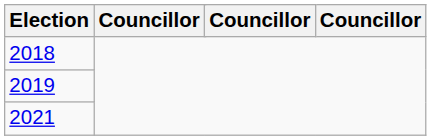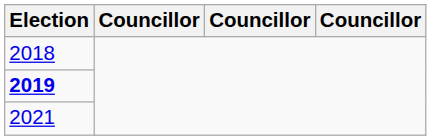 <table class="wikitable">
 <tr>
 <th>Election</th>
 <th colspan="2">Councillor</th>
 <th colspan="2">Councillor</th>
 <th colspan="2">Councillor</th>
 </tr>
 <tr>
 <td><a href='#'>2018</a><br>  </td>
 </tr>
 <tr>
-<td><a href='#'>2019</a><br>  </td>
+<td><strong><a href='#'>2019</a><br>  </strong></td>
 </tr>
 <tr>
 <td><a href='#'>2021</a><br>  </td>
 </tr>
 </table>
